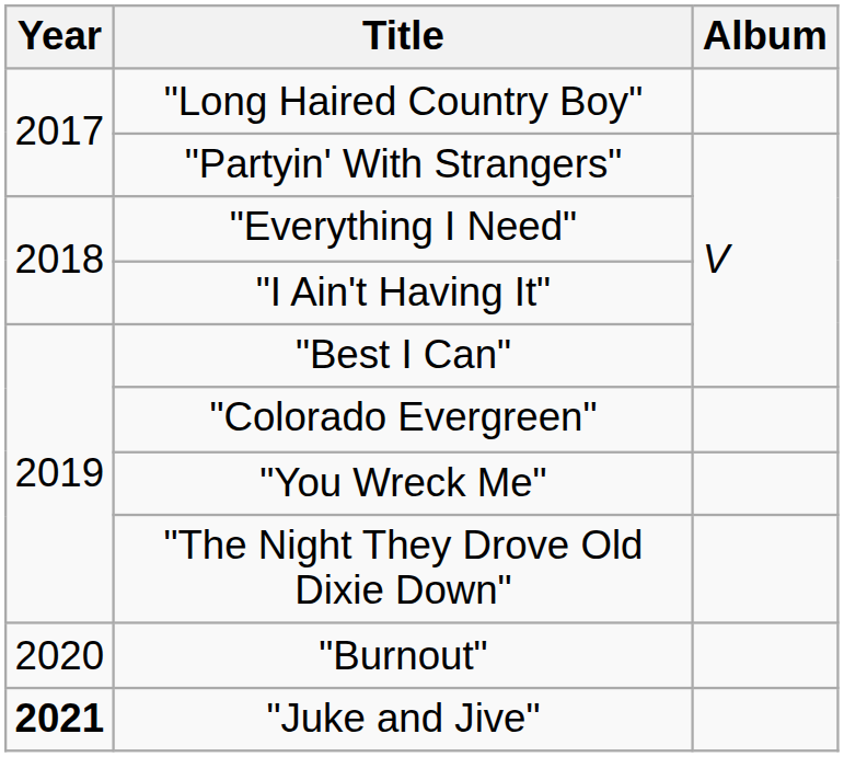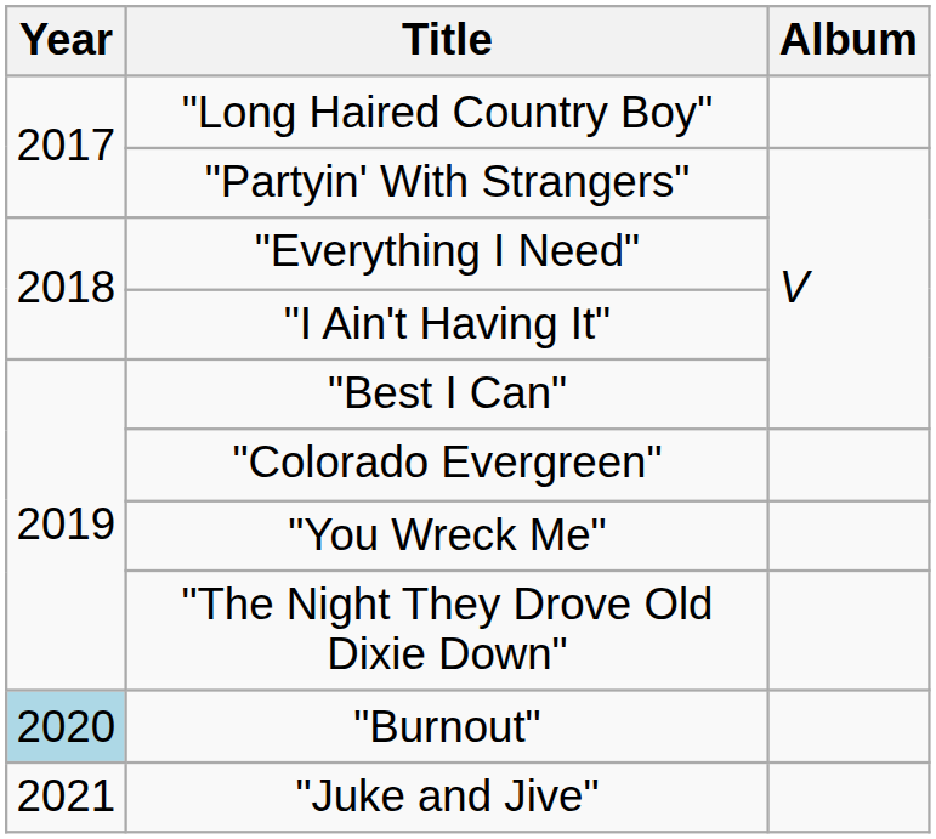 <table class="wikitable plainrowheaders" style="text-align:center;">
 <tr>
 <th>Year</th>
 <th style="width:14em;">Title</th>
 <th>Album</th>
 </tr>
 <tr>
 <td rowspan="2">2017</td>
 <td scope="row">"Long Haired Country Boy"</td>
 <td style="text-align:left;"></td>
 </tr>
 <tr>
 <td scope="row">"Partyin' With Strangers"</td>
 <td rowspan="4" style="text-align:left;"><em>V</em></td>
 </tr>
 <tr>
 <td rowspan="2">2018</td>
 <td scope="row">"Everything I Need"</td>
 </tr>
 <tr>
 <td scope="row">"I Ain't Having It"</td>
 </tr>
 <tr>
 <td rowspan="4">2019</td>
 <td>"Best I Can"</td>
 </tr>
 <tr>
 <td>"Colorado Evergreen"</td>
 <td></td>
 </tr>
 <tr>
 <td>"You Wreck Me"</td>
 <td></td>
 </tr>
 <tr>
 <td>"The Night They Drove Old Dixie Down"</td>
 <td></td>
 </tr>
 <tr>
-<td>2020</td>
+<td style="background: lightblue;">2020</td>
 <td>"Burnout"</td>
 <td></td>
 </tr>
 <tr>
-<td><strong>2021</strong></td>
+<td>2021</td>
 <td>"Juke and Jive"</td>
 <td></td>
 </tr>
 </table>
